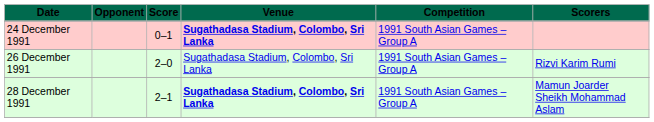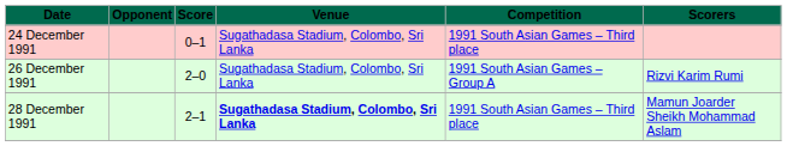 <table class="wikitable" width=100% style="text-align:left;font-size:90%;">
 <tr>
 <th style="background:#006a4e;"><span>Date</span></th>
 <th style="background:#006a4e;"><span>Opponent</span></th>
 <th style="background:#006a4e;"><span>Score</span></th>
 <th style="background:#006a4e;"><span>Venue</span></th>
 <th style="background:#006a4e;"><span>Competition</span></th>
 <th style="background:#006a4e;"><span>Scorers</span></th>
 </tr>
 <tr>
 </tr>
 <tr style="background:#fcc;">
 <td>24 December 1991</td>
 <td></td>
 <td style="text-align: center">0–1</td>
-<td><strong> <a href='#'>Sugathadasa Stadium</a>, <a href='#'>Colombo</a>, <a href='#'>Sri Lanka</a></strong></td>
-<td><a href='#'>1991 South Asian Games – Group A</a></td>
+<td> <a href='#'>Sugathadasa Stadium</a>, <a href='#'>Colombo</a>, <a href='#'>Sri Lanka</a></td>
+<td><a href='#'>1991 South Asian Games – Third place</a></td>
 <td></td>
 </tr>
 <tr>
 </tr>
 <tr style="background:#dfd;">
 <td>26 December 1991</td>
 <td></td>
 <td style="text-align: center">2–0</td>
 <td> <a href='#'>Sugathadasa Stadium</a>, <a href='#'>Colombo</a>, <a href='#'>Sri Lanka</a></td>
 <td><a href='#'>1991 South Asian Games – Group A</a></td>
 <td><a href='#'>Rizvi Karim Rumi</a> </td>
 </tr>
 <tr>
 </tr>
 <tr style="background:#dfd;">
 <td>28 December 1991</td>
 <td></td>
 <td style="text-align: center">2–1</td>
 <td><strong> <a href='#'>Sugathadasa Stadium</a>, <a href='#'>Colombo</a>, <a href='#'>Sri Lanka</a></strong></td>
-<td><a href='#'>1991 South Asian Games – Group A</a></td>
+<td><a href='#'>1991 South Asian Games – Third place</a></td>
 <td><a href='#'>Mamun Joarder</a>  <br> <a href='#'>Sheikh Mohammad Aslam</a> </td>
 </tr>
 <tr>
 </tr>
 </table>
